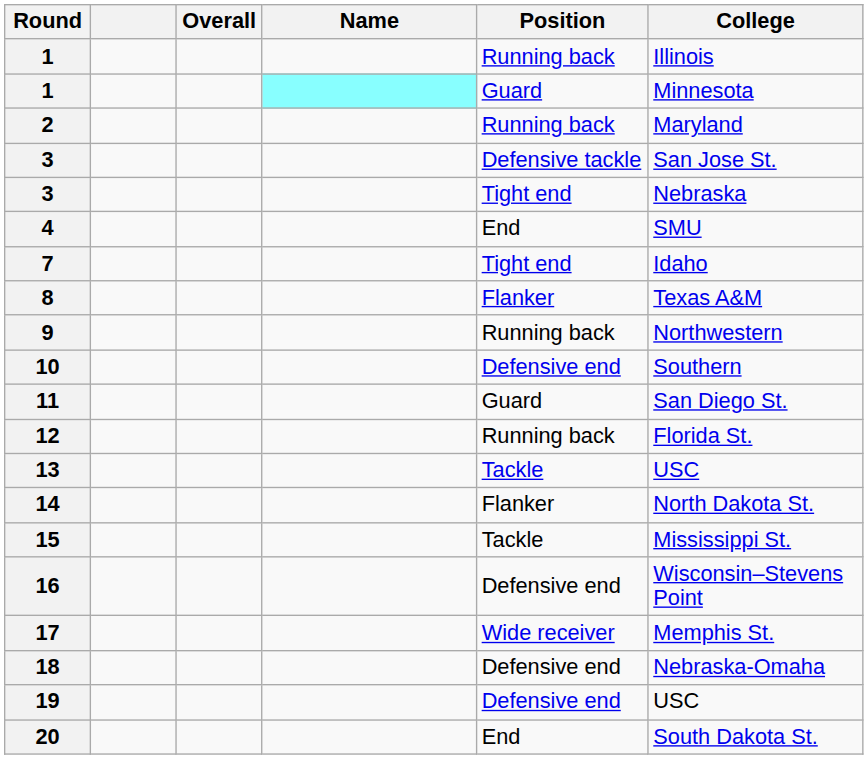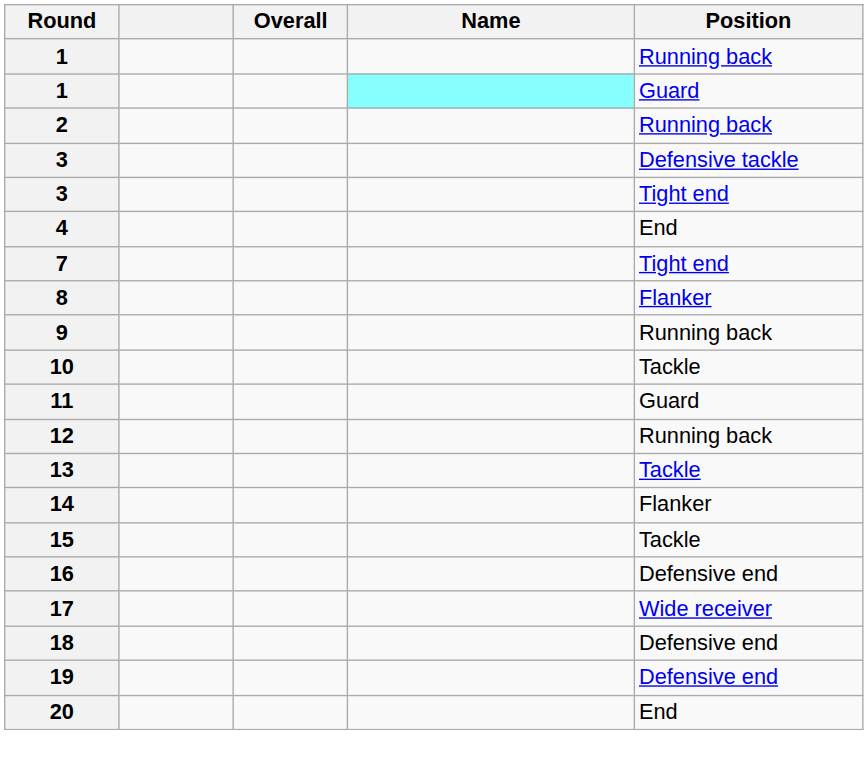 <table class="wikitable sortable" style="width: 50%;">
 <tr>
 <th scope="col" style="width: 10%;">Round</th>
 <th scope="col" style="width: 10%;"></th>
 <th scope="col" style="width: 10%;">Overall</th>
 <th scope="col" style="width: 25%;">Name</th>
 <th scope="col" style="width: 20%;">Position</th>
-<th scope="col" style="width: 25%;">College</th>
 </tr>
 <tr>
 <th scope="row">1</th>
 <td></td>
 <td></td>
 <td></td>
 <td><a href='#'>Running back</a></td>
-<td><a href='#'>Illinois</a></td>
 </tr>
 <tr>
 <th scope="row">1</th>
 <td></td>
 <td></td>
 <td style="background:#88FFFF;"> <sup></sup></td>
 <td><a href='#'>Guard</a></td>
-<td><a href='#'>Minnesota</a></td>
 </tr>
 <tr>
 <th scope="row">2</th>
 <td></td>
 <td></td>
 <td></td>
 <td><a href='#'>Running back</a></td>
-<td><a href='#'>Maryland</a></td>
 </tr>
 <tr>
 <th scope="row">3</th>
 <td></td>
 <td></td>
 <td></td>
 <td><a href='#'>Defensive tackle</a></td>
-<td><a href='#'>San Jose St.</a></td>
 </tr>
 <tr>
 <th scope="row">3</th>
 <td></td>
 <td></td>
 <td></td>
 <td><a href='#'>Tight end</a></td>
-<td><a href='#'>Nebraska</a></td>
 </tr>
 <tr>
 <th scope="row">4</th>
 <td></td>
 <td></td>
 <td></td>
 <td>End</td>
-<td><a href='#'>SMU</a></td>
 </tr>
 <tr>
 <th scope="row">7</th>
 <td></td>
 <td></td>
 <td></td>
 <td><a href='#'>Tight end</a></td>
-<td><a href='#'>Idaho</a></td>
 </tr>
 <tr>
 <th scope="row">8</th>
 <td></td>
 <td></td>
 <td></td>
 <td><a href='#'>Flanker</a></td>
-<td><a href='#'>Texas A&M</a></td>
 </tr>
 <tr>
 <th scope="row">9</th>
 <td></td>
 <td></td>
 <td></td>
 <td>Running back</td>
-<td><a href='#'>Northwestern</a></td>
 </tr>
 <tr>
 <th scope="row">10</th>
 <td></td>
 <td></td>
 <td></td>
-<td><a href='#'>Defensive end</a></td>
-<td><a href='#'>Southern</a></td>
+<td>Tackle</td>
 </tr>
 <tr>
 <th scope="row">11</th>
 <td></td>
 <td></td>
 <td></td>
 <td>Guard</td>
-<td><a href='#'>San Diego St.</a></td>
 </tr>
 <tr>
 <th scope="row">12</th>
 <td></td>
 <td></td>
 <td></td>
 <td>Running back</td>
-<td><a href='#'>Florida St.</a></td>
 </tr>
 <tr>
 <th scope="row">13</th>
 <td></td>
 <td></td>
 <td></td>
 <td><a href='#'>Tackle</a></td>
-<td><a href='#'>USC</a></td>
 </tr>
 <tr>
 <th scope="row">14</th>
 <td></td>
 <td></td>
 <td></td>
 <td>Flanker</td>
-<td><a href='#'>North Dakota St.</a></td>
 </tr>
 <tr>
 <th scope="row">15</th>
 <td></td>
 <td></td>
 <td></td>
 <td>Tackle</td>
-<td><a href='#'>Mississippi St.</a></td>
 </tr>
 <tr>
 <th scope="row">16</th>
 <td></td>
 <td></td>
 <td></td>
 <td>Defensive end</td>
-<td><a href='#'>Wisconsin–Stevens Point</a></td>
 </tr>
 <tr>
 <th scope="row">17</th>
 <td></td>
 <td></td>
 <td></td>
 <td><a href='#'>Wide receiver</a></td>
-<td><a href='#'>Memphis St.</a></td>
 </tr>
 <tr>
 <th scope="row">18</th>
 <td></td>
 <td></td>
 <td></td>
 <td>Defensive end</td>
-<td><a href='#'>Nebraska-Omaha</a></td>
 </tr>
 <tr>
 <th scope="row">19</th>
 <td></td>
 <td></td>
 <td></td>
 <td><a href='#'>Defensive end</a></td>
-<td>USC</td>
 </tr>
 <tr>
 <th scope="row">20</th>
 <td></td>
 <td></td>
 <td></td>
 <td>End</td>
-<td><a href='#'>South Dakota St.</a></td>
 </tr>
 </table>
